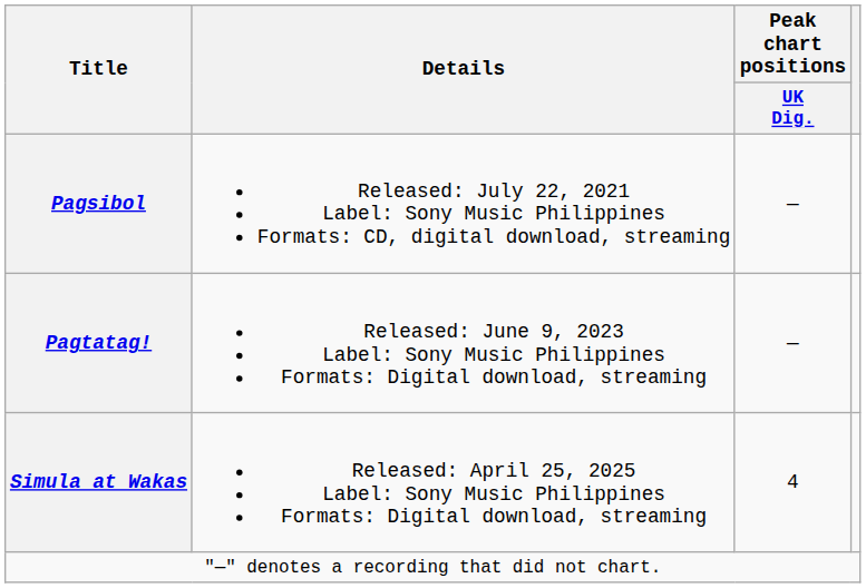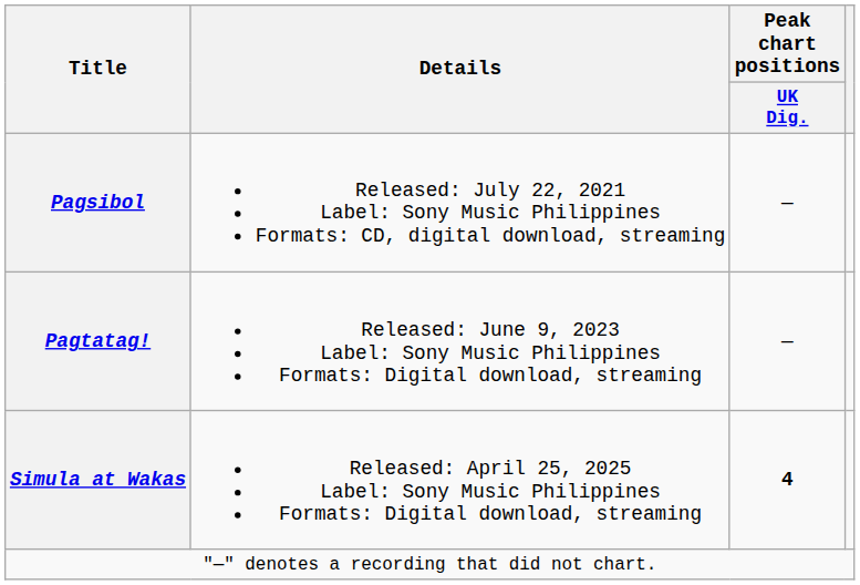 <table class="wikitable plainrowheaders" style="text-align:center;">
 <tr>
 <th rowspan="2" scope="col">Title</th>
 <th rowspan="2" scope="col">Details</th>
 <th scope="col">Peak chart positions</th>
 <th rowspan="2" scope="col"></th>
 </tr>
 <tr>
 <th scope="col" style="width:2.75em;font-size:90%"><a href='#'>UK<br>Dig.</a><br></th>
 </tr>
 <tr>
 <th scope="row"><em><a href='#'>Pagsibol</a></em></th>
 <td><br><ul><li>Released: July 22, 2021</li><li>Label: Sony Music Philippines</li><li>Formats: CD, digital download, streaming</li></ul></td>
 <td>—</td>
 <td></td>
 </tr>
 <tr>
 <th scope="row"><em><a href='#'>Pagtatag!</a></em></th>
 <td><br><ul><li>Released: June 9, 2023</li><li>Label: Sony Music Philippines</li><li>Formats: Digital download, streaming</li></ul></td>
 <td>—</td>
 <td></td>
 </tr>
 <tr>
 <th scope="row"><em><a href='#'>Simula at Wakas</a></em></th>
 <td><br><ul><li>Released: April 25, 2025</li><li>Label: Sony Music Philippines</li><li>Formats: Digital download, streaming</li></ul></td>
-<td>4</td>
+<td><strong>4</strong></td>
 <td></td>
 </tr>
 <tr>
 <td colspan="4" style="font-size:90%;">"—" denotes a recording that did not chart.</td>
 </tr>
 </table>
